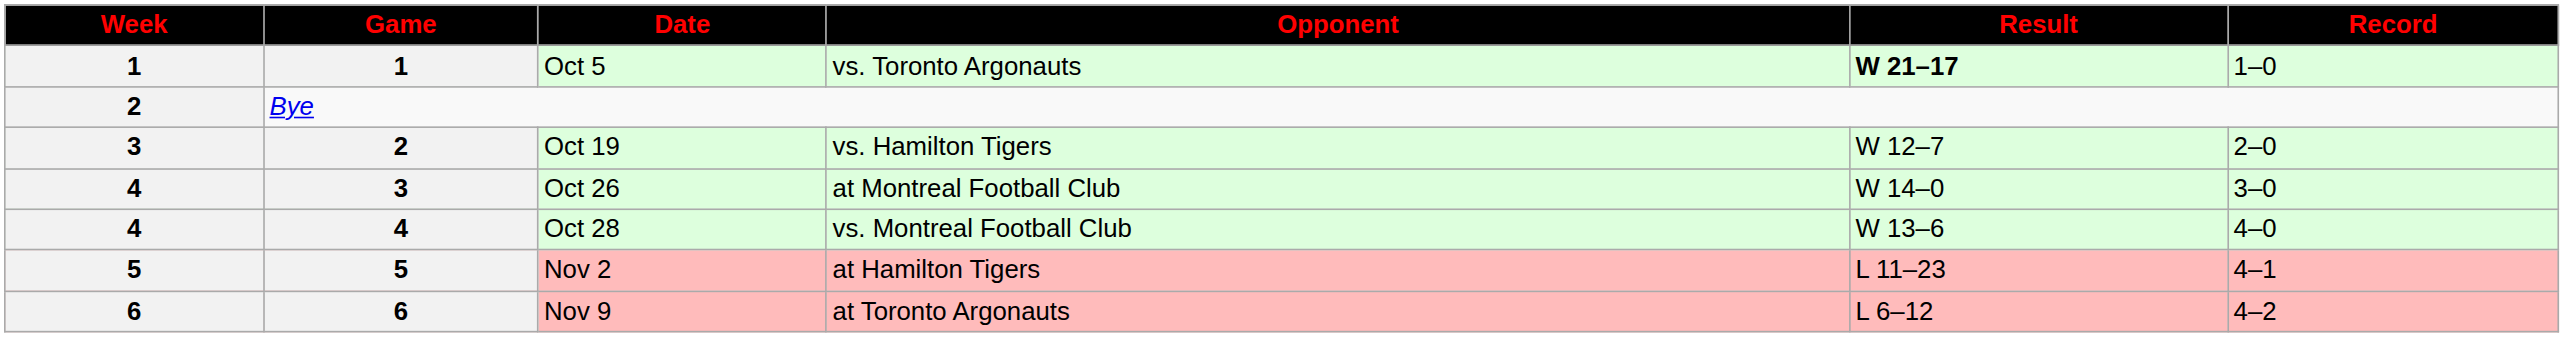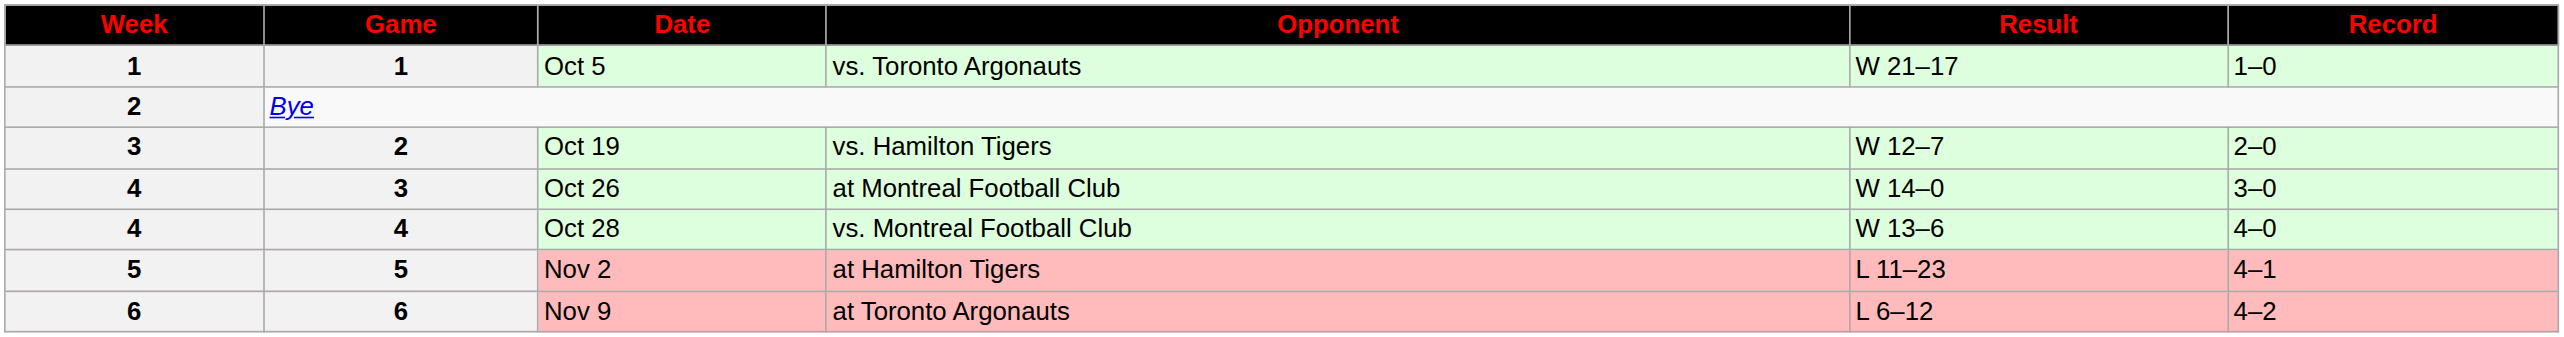 <table class="wikitable" width="80%">
 <tr align="center"  style="background:black;color:red;">
 <td><strong>Week</strong></td>
 <td><strong>Game</strong></td>
 <td><strong>Date</strong></td>
 <td><strong>Opponent</strong></td>
 <td><strong>Result</strong></td>
 <td><strong>Record</strong></td>
 </tr>
 <tr style="background:#ddffdd">
 <th>1</th>
 <th>1</th>
 <td>Oct 5</td>
 <td>vs. Toronto Argonauts</td>
-<td><strong>W 21–17</strong></td>
+<td>W 21–17</td>
 <td>1–0</td>
 </tr>
 <tr>
 <th>2</th>
 <td colspan="7"><em><a href='#'>Bye</a></em></td>
 </tr>
 <tr style="background:#ddffdd">
 <th>3</th>
 <th>2</th>
 <td>Oct 19</td>
 <td>vs. Hamilton Tigers</td>
 <td>W 12–7</td>
 <td>2–0</td>
 </tr>
 <tr style="background:#ddffdd">
 <th>4</th>
 <th>3</th>
 <td>Oct 26</td>
 <td>at Montreal Football Club</td>
 <td>W 14–0</td>
 <td>3–0</td>
 </tr>
 <tr style="background:#ddffdd">
 <th>4</th>
 <th>4</th>
 <td>Oct 28</td>
 <td>vs. Montreal Football Club</td>
 <td>W 13–6</td>
 <td>4–0</td>
 </tr>
 <tr style="background:#ffbbbb">
 <th>5</th>
 <th>5</th>
 <td>Nov 2</td>
 <td>at Hamilton Tigers</td>
 <td>L 11–23</td>
 <td>4–1</td>
 </tr>
 <tr style="background:#ffbbbb">
 <th>6</th>
 <th>6</th>
 <td>Nov 9</td>
 <td>at Toronto Argonauts</td>
 <td>L 6–12</td>
 <td>4–2</td>
 </tr>
 </table>
